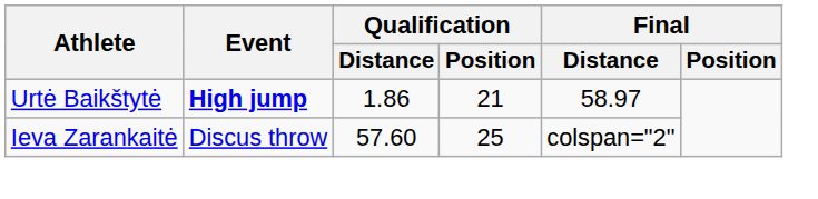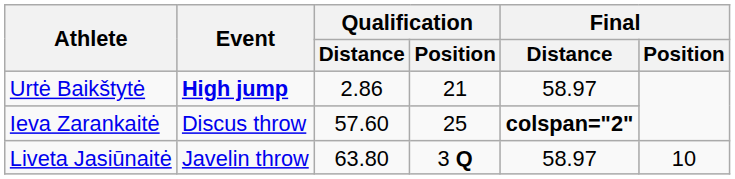 <table class=wikitable style=font-size:90%>
 <tr>
 <th rowspan=2>Athlete</th>
 <th rowspan=2>Event</th>
 <th colspan=2>Qualification</th>
 <th colspan=2>Final</th>
 </tr>
 <tr style=font-size:95%>
 <th>Distance</th>
 <th>Position</th>
 <th>Distance</th>
 <th>Position</th>
 </tr>
 <tr align=center>
 <td align=left><a href='#'>Urtė Baikštytė</a></td>
 <td align=left><strong><a href='#'>High jump</a></strong></td>
-<td>1.86</td>
+<td>2.86</td>
 <td>21</td>
 <td>58.97</td>
 </tr>
 <tr align=center>
 <td align=left><a href='#'>Ieva Zarankaitė</a></td>
 <td align=left><a href='#'>Discus throw</a></td>
 <td>57.60</td>
 <td>25</td>
-<td>colspan="2" </td>
+<td><strong>colspan="2" </strong></td>
+</tr>
+<tr align=center>
+<td align=left><a href='#'>Liveta Jasiūnaitė</a></td>
+<td align=left><a href='#'>Javelin throw</a></td>
+<td>63.80</td>
+<td>3 <strong>Q</strong></td>
+<td>58.97</td>
+<td>10</td>
 </tr>
 </table>
